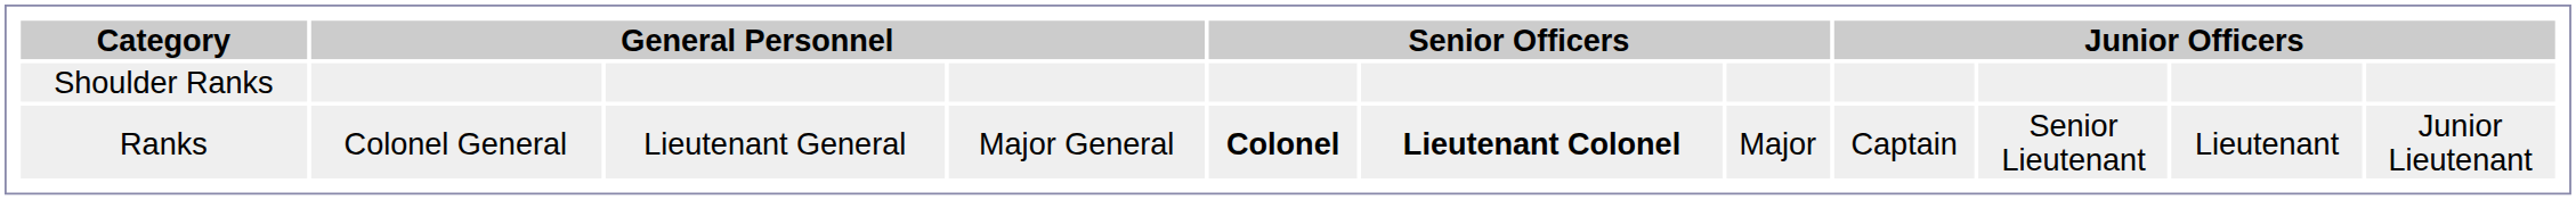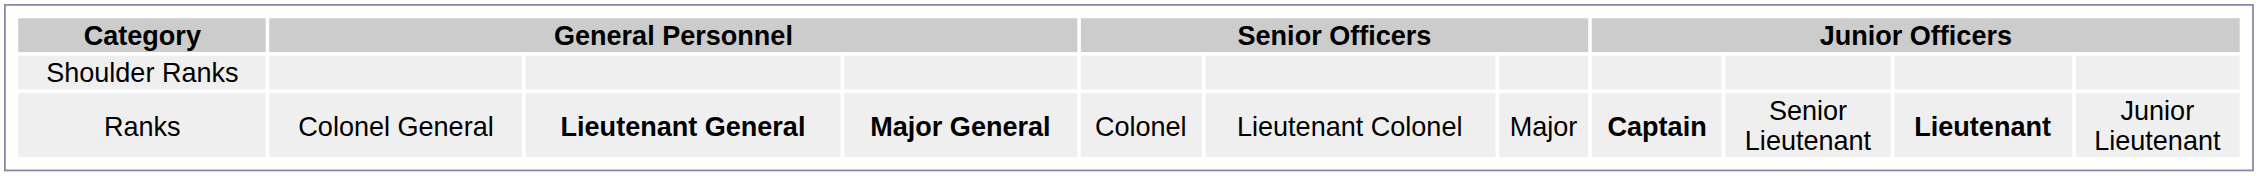 <table style="width:100%; border:1px solid #8888aa; background:#fff; padding:5px; font-size:95%; margin:0 12px 12px 0; text-align:center;">
 <tr style="background:#ccc; ">
 <th>Category</th>
 <th colspan="3">General Personnel</th>
 <th colspan="3">Senior Officers</th>
 <th colspan="4">Junior Officers</th>
 </tr>
 <tr style="background:#efefef;">
 <td>Shoulder Ranks</td>
 <td></td>
 <td></td>
 <td></td>
 <td></td>
 <td></td>
 <td></td>
 <td></td>
 <td></td>
 <td></td>
 <td></td>
 </tr>
 <tr style="background:#efefef;">
 <td>Ranks</td>
 <td>Colonel General</td>
-<td>Lieutenant General</td>
-<td>Major General</td>
-<td><strong>Colonel</strong></td>
-<td><strong>Lieutenant Colonel</strong></td>
+<td><strong>Lieutenant General</strong></td>
+<td><strong>Major General</strong></td>
+<td>Colonel</td>
+<td>Lieutenant Colonel</td>
 <td>Major</td>
-<td>Captain</td>
+<td><strong>Captain</strong></td>
 <td>Senior<br>Lieutenant</td>
-<td>Lieutenant</td>
+<td><strong>Lieutenant</strong></td>
 <td>Junior<br>Lieutenant</td>
 </tr>
 </table>
